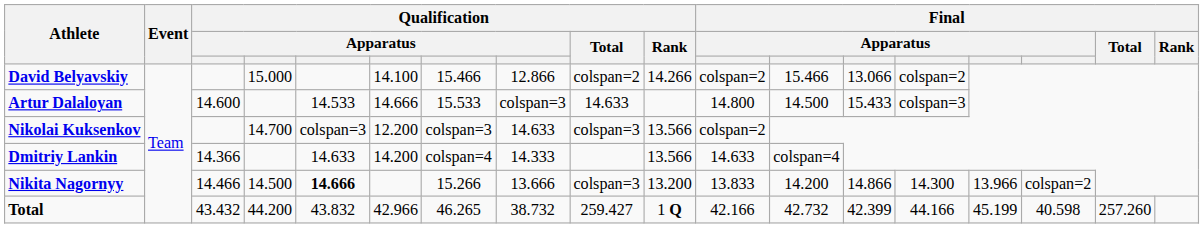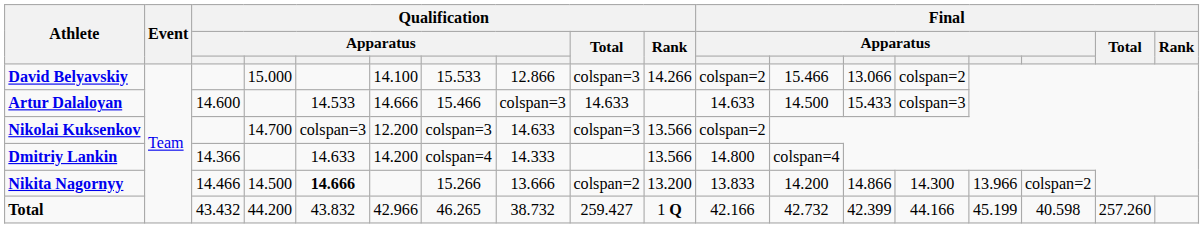 <table class="wikitable" style="font-size:90%">
 <tr>
 <th rowspan=3>Athlete</th>
 <th rowspan=3>Event</th>
 <th colspan =8>Qualification</th>
 <th colspan =8>Final</th>
 </tr>
 <tr style="font-size:95%">
 <th colspan=6>Apparatus</th>
 <th rowspan=2>Total</th>
 <th rowspan=2>Rank</th>
 <th colspan=6>Apparatus</th>
 <th rowspan=2>Total</th>
 <th rowspan=2>Rank</th>
 </tr>
 <tr style="font-size:95%">
 <th></th>
 <th></th>
 <th></th>
 <th></th>
 <th></th>
 <th></th>
 <th></th>
 <th></th>
 <th></th>
 <th></th>
 <th></th>
 <th></th>
 </tr>
 <tr align=center>
 <td align=left><strong><a href='#'>David Belyavskiy</a></strong></td>
 <td align=left rowspan=6><a href='#'>Team</a></td>
 <td></td>
 <td>15.000</td>
 <td></td>
 <td>14.100</td>
-<td>15.466</td>
+<td>15.533</td>
 <td>12.866</td>
-<td>colspan=2 </td>
+<td>colspan=3 </td>
 <td>14.266</td>
 <td>colspan=2 </td>
 <td>15.466</td>
 <td>13.066</td>
 <td>colspan=2 </td>
 </tr>
 <tr align=center>
 <td align=left><strong><a href='#'>Artur Dalaloyan</a></strong></td>
 <td>14.600</td>
 <td></td>
 <td>14.533</td>
 <td>14.666</td>
-<td>15.533</td>
+<td>15.466</td>
 <td>colspan=3 </td>
 <td>14.633</td>
 <td></td>
-<td>14.800</td>
+<td>14.633</td>
 <td>14.500</td>
 <td>15.433</td>
 <td>colspan=3 </td>
 </tr>
 <tr align=center>
 <td align=left><strong><a href='#'>Nikolai Kuksenkov</a></strong></td>
 <td></td>
 <td>14.700</td>
 <td>colspan=3 </td>
 <td>12.200</td>
 <td>colspan=3 </td>
 <td>14.633</td>
 <td>colspan=3 </td>
 <td>13.566</td>
 <td>colspan=2 </td>
 </tr>
 <tr align=center>
 <td align=left><strong><a href='#'>Dmitriy Lankin</a></strong></td>
 <td>14.366</td>
 <td></td>
 <td>14.633</td>
 <td>14.200</td>
 <td>colspan=4 </td>
 <td>14.333</td>
 <td></td>
 <td>13.566</td>
-<td>14.633</td>
+<td>14.800</td>
 <td>colspan=4 </td>
 </tr>
 <tr align=center>
 <td align=left><strong><a href='#'>Nikita Nagornyy</a></strong></td>
 <td>14.466</td>
 <td>14.500</td>
 <td><strong>14.666</strong></td>
 <td></td>
 <td>15.266</td>
 <td>13.666</td>
-<td>colspan=3 </td>
+<td>colspan=2 </td>
 <td>13.200</td>
 <td>13.833</td>
 <td>14.200</td>
 <td>14.866</td>
 <td>14.300</td>
 <td>13.966</td>
 <td>colspan=2 </td>
 </tr>
 <tr align=center>
 <td align=left><strong>Total</strong></td>
 <td>43.432</td>
 <td>44.200</td>
 <td>43.832</td>
 <td>42.966</td>
 <td>46.265</td>
 <td>38.732</td>
 <td>259.427</td>
 <td>1 <strong>Q</strong></td>
 <td>42.166</td>
 <td>42.732</td>
 <td>42.399</td>
 <td>44.166</td>
 <td>45.199</td>
 <td>40.598</td>
 <td>257.260</td>
 <td></td>
 </tr>
 </table>
